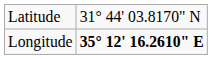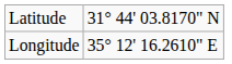 <table class="wikitable">
 <tr>
 <td>Latitude</td>
 <td>31° 44' 03.8170" N</td>
 </tr>
 <tr>
 <td>Longitude</td>
-<td><strong>35° 12' 16.2610" E</strong></td>
+<td>35° 12' 16.2610" E</td>
 </tr>
 </table>
